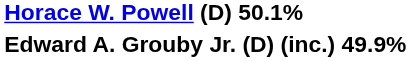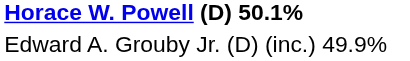 <table>
 <tr>
 <td><strong><a href='#'>Horace W. Powell</a> (D) 50.1%</strong></td>
 </tr>
 <tr>
-<td><strong>Edward A. Grouby Jr. (D) (inc.) 49.9%</strong></td>
+<td>Edward A. Grouby Jr. (D) (inc.) 49.9%</td>
 </tr>
 </table>
